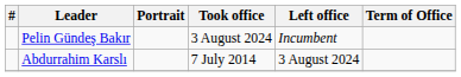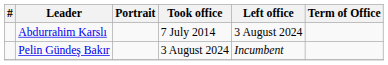 <table class="wikitable">
 <tr>
 <th>#</th>
 <th>Leader<br></th>
 <th>Portrait</th>
 <th>Took office</th>
 <th>Left office</th>
 <th>Term of Office</th>
 </tr>
 <tr>
 <td style="background: "></td>
+<td><a href='#'>Abdurrahim Karslı</a><br></td>
+<td></td>
+<td>7 July 2014</td>
+<td>3 August 2024</td>
+<td></td>
+</tr>
+<tr>
+<td style="background: "></td>
 <td><a href='#'>Pelin Gündeş Bakır</a><br></td>
 <td></td>
 <td>3 August 2024</td>
 <td><em>Incumbent</em></td>
 <td></td>
 </tr>
 <tr>
-<td style="background: "></td>
-<td><a href='#'>Abdurrahim Karslı</a><br></td>
-<td></td>
-<td>7 July 2014</td>
-<td>3 August 2024</td>
-<td></td>
-</tr>
-<tr>
 </tr>
 </table>
